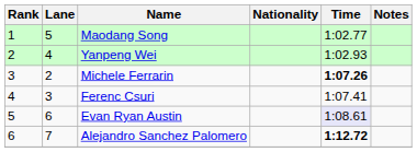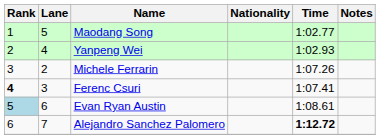 <table class="wikitable">
 <tr>
 <th>Rank</th>
 <th>Lane</th>
 <th>Name</th>
 <th>Nationality</th>
 <th>Time</th>
 <th>Notes</th>
 </tr>
 <tr>
 <td bgcolor=ccffcc>1</td>
 <td bgcolor=ccffcc>5</td>
 <td bgcolor=ccffcc><a href='#'>Maodang Song</a></td>
 <td bgcolor=ccffcc></td>
 <td bgcolor=ccffcc>1:02.77</td>
 <td bgcolor=ccffcc></td>
 </tr>
 <tr>
 <td bgcolor=ccffcc>2</td>
 <td bgcolor=ccffcc>4</td>
 <td bgcolor=ccffcc><a href='#'>Yanpeng Wei</a></td>
 <td bgcolor=ccffcc></td>
 <td bgcolor=ccffcc>1:02.93</td>
 <td bgcolor=ccffcc></td>
 </tr>
 <tr>
 <td>3</td>
 <td>2</td>
 <td><a href='#'>Michele Ferrarin</a></td>
 <td></td>
-<td><strong>1:07.26</strong></td>
+<td>1:07.26</td>
 <td></td>
 </tr>
 <tr>
-<td>4</td>
+<td><strong>4</strong></td>
 <td>3</td>
 <td><a href='#'>Ferenc Csuri</a></td>
 <td></td>
 <td>1:07.41</td>
 <td></td>
 </tr>
 <tr>
-<td>5</td>
+<td style="background: lightblue;">5</td>
 <td>6</td>
 <td><a href='#'>Evan Ryan Austin</a></td>
 <td></td>
-<td style="background: lavender;">1:08.61</td>
+<td>1:08.61</td>
 <td></td>
 </tr>
 <tr>
 <td>6</td>
 <td>7</td>
 <td><a href='#'>Alejandro Sanchez Palomero</a></td>
 <td></td>
 <td><strong>1:12.72</strong></td>
 <td></td>
 </tr>
 <tr>
 </tr>
 </table>
